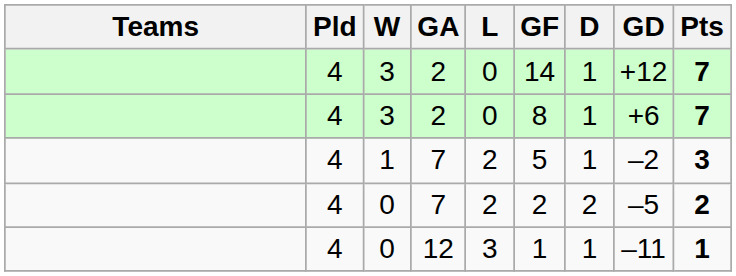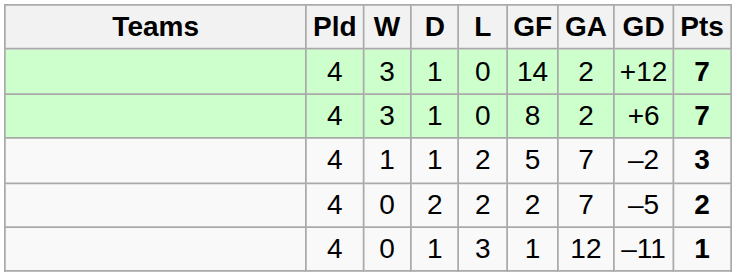 <table class="wikitable" style="text-align: center;">
 <tr>
 <th width=165>Teams</th>
 <th width=20>Pld</th>
 <th width=20>W</th>
-<th width=20>GA</th>
+<th width=20>D</th>
 <th width=20>L</th>
 <th width=20>GF</th>
-<th width=20>D</th>
+<th width=20>GA</th>
 <th width=20>GD</th>
 <th width=20>Pts</th>
 </tr>
 <tr align=center style="background:#ccffcc;">
 <td style="text-align:left;"></td>
 <td>4</td>
 <td>3</td>
-<td>2</td>
+<td>1</td>
 <td>0</td>
 <td>14</td>
-<td>1</td>
+<td>2</td>
 <td>+12</td>
 <td><strong>7</strong></td>
 </tr>
 <tr align=center style="background:#ccffcc;">
 <td style="text-align:left;"></td>
 <td>4</td>
 <td>3</td>
-<td>2</td>
+<td>1</td>
 <td>0</td>
 <td>8</td>
-<td>1</td>
+<td>2</td>
 <td>+6</td>
 <td><strong>7</strong></td>
 </tr>
 <tr align=center>
 <td style="text-align:left;"></td>
 <td>4</td>
 <td>1</td>
-<td>7</td>
+<td>1</td>
 <td>2</td>
 <td>5</td>
-<td>1</td>
+<td>7</td>
 <td>–2</td>
 <td><strong>3</strong></td>
 </tr>
 <tr align=center>
 <td style="text-align:left;"></td>
 <td>4</td>
 <td>0</td>
-<td>7</td>
 <td>2</td>
 <td>2</td>
 <td>2</td>
+<td>7</td>
 <td>–5</td>
 <td><strong>2</strong></td>
 </tr>
 <tr align=center>
 <td style="text-align:left;"></td>
 <td>4</td>
 <td>0</td>
-<td>12</td>
+<td>1</td>
 <td>3</td>
 <td>1</td>
-<td>1</td>
+<td>12</td>
 <td>–11</td>
 <td><strong>1</strong></td>
 </tr>
 </table>
